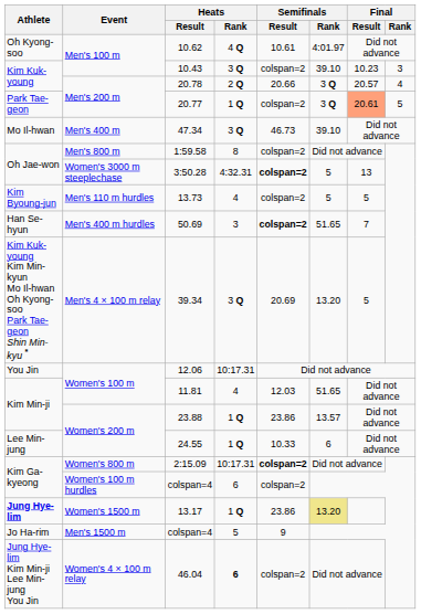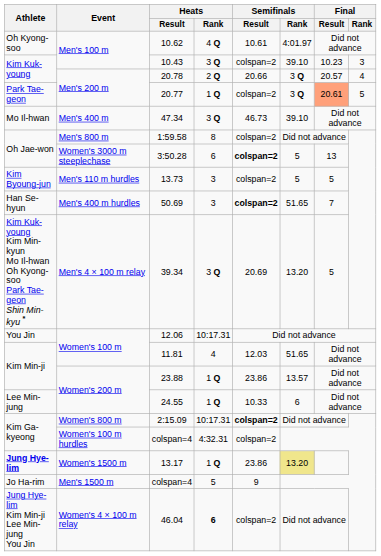 <table class="wikitable" style="font-size:90%; text-align:center;">
 <tr>
 <th rowspan=2>Athlete</th>
 <th rowspan=2>Event</th>
 <th colspan=2>Heats</th>
 <th colspan=2>Semifinals</th>
 <th colspan=2>Final</th>
 </tr>
 <tr style=font-size:95%>
 <th>Result</th>
 <th>Rank</th>
 <th>Result</th>
 <th>Rank</th>
 <th>Result</th>
 <th>Rank</th>
 </tr>
 <tr>
 <td align=left>Oh Kyong-soo</td>
 <td align=left rowspan=2><a href='#'>Men's 100 m</a></td>
 <td>10.62</td>
 <td>4 <strong>Q</strong></td>
 <td>10.61</td>
 <td>4:01.97</td>
 <td colspan=2>Did not advance</td>
 </tr>
 <tr>
 <td align=left rowspan=2><a href='#'>Kim Kuk-young</a></td>
 <td>10.43</td>
 <td>3 <strong>Q</strong></td>
 <td>colspan=2</td>
 <td>39.10</td>
 <td>10.23</td>
 <td>3</td>
 </tr>
 <tr>
 <td align=left rowspan=2><a href='#'>Men's 200 m</a></td>
 <td>20.78</td>
 <td>2 <strong>Q</strong></td>
 <td>20.66</td>
 <td>3 <strong>Q</strong></td>
 <td>20.57</td>
 <td>4</td>
 </tr>
 <tr>
 <td align=left><a href='#'>Park Tae-geon</a></td>
 <td>20.77</td>
 <td>1 <strong>Q</strong></td>
 <td>colspan=2</td>
 <td>3 <strong>Q</strong></td>
 <td style="background: lightsalmon;">20.61</td>
 <td>5</td>
 </tr>
 <tr>
 <td align=left>Mo Il-hwan</td>
 <td align=left><a href='#'>Men's 400 m</a></td>
 <td>47.34</td>
 <td>3 <strong>Q</strong></td>
 <td>46.73</td>
 <td>39.10</td>
 <td colspan=2>Did not advance</td>
 </tr>
 <tr>
 <td align=left rowspan=2>Oh Jae-won</td>
 <td align=left><a href='#'>Men's 800 m</a></td>
 <td>1:59.58</td>
 <td>8</td>
 <td>colspan=2</td>
 <td colspan=2>Did not advance</td>
 </tr>
 <tr>
 <td align=left><a href='#'>Women's 3000 m steeplechase</a></td>
 <td>3:50.28</td>
-<td>4:32.31</td>
+<td>6 </td>
 <td><strong>colspan=2</strong></td>
 <td>5</td>
 <td>13</td>
 </tr>
 <tr>
 <td align=left><a href='#'>Kim Byoung-jun</a></td>
 <td align=left><a href='#'>Men's 110 m hurdles</a></td>
 <td>13.73</td>
-<td>4 </td>
+<td>3 </td>
 <td>colspan=2</td>
 <td>5</td>
 <td>5</td>
 </tr>
 <tr>
 <td align=left>Han Se-hyun</td>
 <td align=left><a href='#'>Men's 400 m hurdles</a></td>
 <td>50.69</td>
 <td>3 </td>
 <td><strong>colspan=2</strong></td>
 <td>51.65</td>
 <td>7</td>
 </tr>
 <tr>
 <td align=left><a href='#'>Kim Kuk-young</a><br>Kim Min-kyun<br>Mo Il-hwan<br>Oh Kyong-soo<br><a href='#'>Park Tae-geon</a><br><em>Shin Min-kyu</em> <sup><strong>*</strong></sup></td>
 <td align=left><a href='#'>Men's 4 × 100 m relay</a></td>
 <td>39.34</td>
 <td>3 <strong>Q</strong></td>
 <td>20.69</td>
 <td>13.20</td>
 <td>5</td>
 </tr>
 <tr>
 <td align=left>You Jin</td>
 <td align=left rowspan=2><a href='#'>Women's 100 m</a></td>
 <td>12.06</td>
 <td>10:17.31</td>
 <td colspan=4>Did not advance</td>
 </tr>
 <tr>
 <td align=left rowspan=2>Kim Min-ji</td>
 <td>11.81</td>
 <td>4 </td>
 <td>12.03</td>
 <td>51.65</td>
 <td colspan=2>Did not advance</td>
 </tr>
 <tr>
 <td align=left rowspan=2><a href='#'>Women's 200 m</a></td>
 <td>23.88</td>
 <td>1 <strong>Q</strong></td>
 <td>23.86</td>
 <td>13.57</td>
 <td colspan=2>Did not advance</td>
 </tr>
 <tr>
 <td align=left>Lee Min-jung</td>
 <td>24.55</td>
 <td>1 <strong>Q</strong></td>
 <td>10.33</td>
 <td>6</td>
 <td colspan=2>Did not advance</td>
 </tr>
 <tr>
 <td align=left rowspan=2>Kim Ga-kyeong</td>
 <td align=left><a href='#'>Women's 800 m</a></td>
 <td>2:15.09</td>
 <td>10:17.31</td>
 <td><strong>colspan=2</strong></td>
 <td colspan=2>Did not advance</td>
 </tr>
 <tr>
 <td align=left><a href='#'>Women's 100 m hurdles</a></td>
 <td>colspan=4</td>
-<td>6 </td>
+<td>4:32.31</td>
 <td>colspan=2</td>
 </tr>
 <tr>
 <td align=left><strong><a href='#'>Jung Hye-lim</a></strong></td>
 <td align=left><a href='#'>Women's 1500 m</a></td>
 <td>13.17</td>
 <td>1 <strong>Q</strong></td>
 <td>23.86</td>
 <td style="background: khaki;">13.20</td>
 <td></td>
 </tr>
 <tr>
 <td align=left>Jo Ha-rim</td>
 <td align=left><a href='#'>Men's 1500 m</a></td>
 <td>colspan=4</td>
 <td>5</td>
 <td>9</td>
 </tr>
 <tr>
 <td align=left><a href='#'>Jung Hye-lim</a><br>Kim Min-ji<br>Lee Min-jung<br>You Jin</td>
 <td align=left><a href='#'>Women's 4 × 100 m relay</a></td>
 <td>46.04</td>
 <td><strong>6</strong></td>
 <td>colspan=2</td>
 <td colspan=2>Did not advance</td>
 </tr>
 </table>
